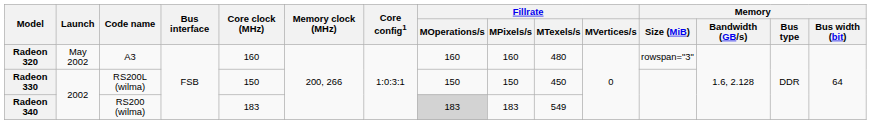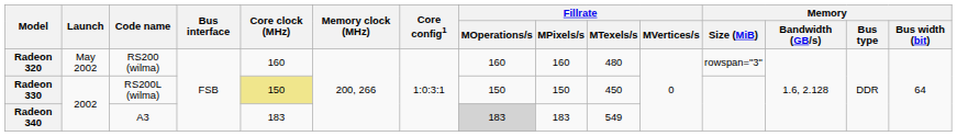 <table class="mw-datatable wikitable sortable sort-under" style="font-size:85%; text-align:center;">
 <tr>
 <th rowspan="2">Model</th>
 <th rowspan="2">Launch</th>
 <th rowspan="2">Code name</th>
 <th rowspan="2">Bus interface</th>
 <th rowspan="2">Core clock (MHz)</th>
 <th rowspan="2">Memory clock (MHz)</th>
 <th rowspan="2">Core config<sup>1</sup></th>
 <th colspan="4"><a href='#'>Fillrate</a></th>
 <th colspan="4">Memory</th>
 </tr>
 <tr>
 <th>MOperations/s</th>
 <th>MPixels/s</th>
 <th>MTexels/s</th>
 <th>MVertices/s</th>
 <th>Size (<a href='#'>MiB</a>)</th>
 <th>Bandwidth (<a href='#'>GB</a>/s)</th>
 <th>Bus type</th>
 <th>Bus width (<a href='#'>bit</a>)</th>
 </tr>
 <tr>
 <th>Radeon 320</th>
 <td>May 2002</td>
-<td>A3</td>
+<td>RS200 (wilma)</td>
 <td rowspan="3">FSB</td>
 <td>160</td>
 <td rowspan="3">200, 266</td>
 <td rowspan="3">1:0:3:1</td>
 <td>160</td>
 <td>160</td>
 <td>480</td>
 <td rowspan="3">0</td>
 <td>rowspan="3" </td>
 <td rowspan="3">1.6, 2.128</td>
 <td rowspan="3">DDR</td>
 <td rowspan="3">64</td>
 </tr>
 <tr>
 <th>Radeon 330</th>
 <td rowspan="2">2002</td>
 <td>RS200L (wilma)</td>
-<td>150</td>
+<td style="background: khaki;">150</td>
 <td>150</td>
 <td>150</td>
 <td>450</td>
 </tr>
 <tr>
 <th>Radeon 340</th>
-<td>RS200 (wilma)</td>
+<td>A3</td>
 <td>183</td>
 <td style="background: lightgrey;">183</td>
 <td>183</td>
 <td>549</td>
 </tr>
 </table>
